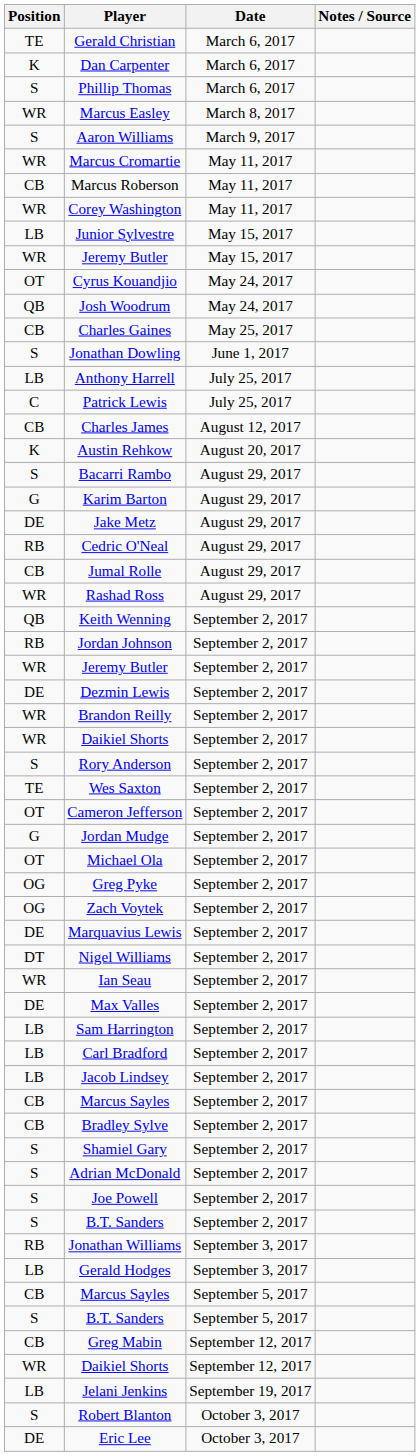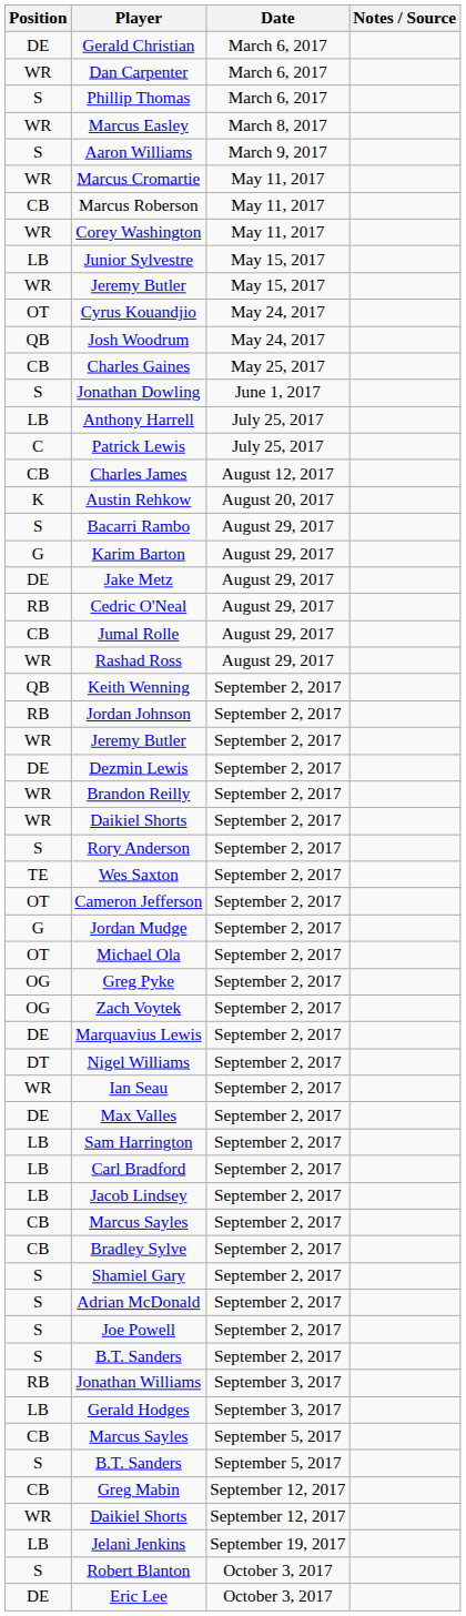 <table class="wikitable" style="text-align: center">
 <tr>
 <th>Position</th>
 <th>Player</th>
 <th>Date</th>
 <th>Notes / Source</th>
 </tr>
 <tr>
-<td>TE</td>
+<td>DE</td>
 <td><a href='#'>Gerald Christian</a></td>
 <td>March 6, 2017</td>
 <td></td>
 </tr>
 <tr>
-<td>K</td>
+<td>WR</td>
 <td><a href='#'>Dan Carpenter</a></td>
 <td>March 6, 2017</td>
 <td></td>
 </tr>
 <tr>
 <td>S</td>
 <td><a href='#'>Phillip Thomas</a></td>
 <td>March 6, 2017</td>
 <td></td>
 </tr>
 <tr>
 <td>WR</td>
 <td><a href='#'>Marcus Easley</a></td>
 <td>March 8, 2017</td>
 <td></td>
 </tr>
 <tr>
 <td>S</td>
 <td><a href='#'>Aaron Williams</a></td>
 <td>March 9, 2017</td>
 <td></td>
 </tr>
 <tr>
 <td>WR</td>
 <td><a href='#'>Marcus Cromartie</a></td>
 <td>May 11, 2017</td>
 <td></td>
 </tr>
 <tr>
 <td>CB</td>
 <td>Marcus Roberson</td>
 <td>May 11, 2017</td>
 <td></td>
 </tr>
 <tr>
 <td>WR</td>
 <td><a href='#'>Corey Washington</a></td>
 <td>May 11, 2017</td>
 <td></td>
 </tr>
 <tr>
 <td>LB</td>
 <td><a href='#'>Junior Sylvestre</a></td>
 <td>May 15, 2017</td>
 <td></td>
 </tr>
 <tr>
 <td>WR</td>
 <td><a href='#'>Jeremy Butler</a></td>
 <td>May 15, 2017</td>
 <td></td>
 </tr>
 <tr>
 <td>OT</td>
 <td><a href='#'>Cyrus Kouandjio</a></td>
 <td>May 24, 2017</td>
 <td></td>
 </tr>
 <tr>
 <td>QB</td>
 <td><a href='#'>Josh Woodrum</a></td>
 <td>May 24, 2017</td>
 <td></td>
 </tr>
 <tr>
 <td>CB</td>
 <td><a href='#'>Charles Gaines</a></td>
 <td>May 25, 2017</td>
 <td></td>
 </tr>
 <tr>
 <td>S</td>
 <td><a href='#'>Jonathan Dowling</a></td>
 <td>June 1, 2017</td>
 <td></td>
 </tr>
 <tr>
 <td>LB</td>
 <td><a href='#'>Anthony Harrell</a></td>
 <td>July 25, 2017</td>
 <td></td>
 </tr>
 <tr>
 <td>C</td>
 <td><a href='#'>Patrick Lewis</a></td>
 <td>July 25, 2017</td>
 <td></td>
 </tr>
 <tr>
 <td>CB</td>
 <td><a href='#'>Charles James</a></td>
 <td>August 12, 2017</td>
 <td></td>
 </tr>
 <tr>
 <td>K</td>
 <td><a href='#'>Austin Rehkow</a></td>
 <td>August 20, 2017</td>
 <td></td>
 </tr>
 <tr>
 <td>S</td>
 <td><a href='#'>Bacarri Rambo</a></td>
 <td>August 29, 2017</td>
 <td></td>
 </tr>
 <tr>
 <td>G</td>
 <td><a href='#'>Karim Barton</a></td>
 <td>August 29, 2017</td>
 <td></td>
 </tr>
 <tr>
 <td>DE</td>
 <td><a href='#'>Jake Metz</a></td>
 <td>August 29, 2017</td>
 <td></td>
 </tr>
 <tr>
 <td>RB</td>
 <td><a href='#'>Cedric O'Neal</a></td>
 <td>August 29, 2017</td>
 <td></td>
 </tr>
 <tr>
 <td>CB</td>
 <td><a href='#'>Jumal Rolle</a></td>
 <td>August 29, 2017</td>
 <td></td>
 </tr>
 <tr>
 <td>WR</td>
 <td><a href='#'>Rashad Ross</a></td>
 <td>August 29, 2017</td>
 <td></td>
 </tr>
 <tr>
 <td>QB</td>
 <td><a href='#'>Keith Wenning</a></td>
 <td>September 2, 2017</td>
 <td></td>
 </tr>
 <tr>
 <td>RB</td>
 <td><a href='#'>Jordan Johnson</a></td>
 <td>September 2, 2017</td>
 <td></td>
 </tr>
 <tr>
 <td>WR</td>
 <td><a href='#'>Jeremy Butler</a></td>
 <td>September 2, 2017</td>
 <td></td>
 </tr>
 <tr>
 <td>DE</td>
 <td><a href='#'>Dezmin Lewis</a></td>
 <td>September 2, 2017</td>
 <td></td>
 </tr>
 <tr>
 <td>WR</td>
 <td><a href='#'>Brandon Reilly</a></td>
 <td>September 2, 2017</td>
 <td></td>
 </tr>
 <tr>
 <td>WR</td>
 <td><a href='#'>Daikiel Shorts</a></td>
 <td>September 2, 2017</td>
 <td></td>
 </tr>
 <tr>
 <td>S</td>
 <td><a href='#'>Rory Anderson</a></td>
 <td>September 2, 2017</td>
 <td></td>
 </tr>
 <tr>
 <td>TE</td>
 <td><a href='#'>Wes Saxton</a></td>
 <td>September 2, 2017</td>
 <td></td>
 </tr>
 <tr>
 <td>OT</td>
 <td><a href='#'>Cameron Jefferson</a></td>
 <td>September 2, 2017</td>
 <td></td>
 </tr>
 <tr>
 <td>G</td>
 <td><a href='#'>Jordan Mudge</a></td>
 <td>September 2, 2017</td>
 <td></td>
 </tr>
 <tr>
 <td>OT</td>
 <td><a href='#'>Michael Ola</a></td>
 <td>September 2, 2017</td>
 <td></td>
 </tr>
 <tr>
 <td>OG</td>
 <td><a href='#'>Greg Pyke</a></td>
 <td>September 2, 2017</td>
 <td></td>
 </tr>
 <tr>
 <td>OG</td>
 <td><a href='#'>Zach Voytek</a></td>
 <td>September 2, 2017</td>
 <td></td>
 </tr>
 <tr>
 <td>DE</td>
 <td><a href='#'>Marquavius Lewis</a></td>
 <td>September 2, 2017</td>
 <td></td>
 </tr>
 <tr>
 <td>DT</td>
 <td><a href='#'>Nigel Williams</a></td>
 <td>September 2, 2017</td>
 <td></td>
 </tr>
 <tr>
 <td>WR</td>
 <td><a href='#'>Ian Seau</a></td>
 <td>September 2, 2017</td>
 <td></td>
 </tr>
 <tr>
 <td>DE</td>
 <td><a href='#'>Max Valles</a></td>
 <td>September 2, 2017</td>
 <td></td>
 </tr>
 <tr>
 <td>LB</td>
 <td><a href='#'>Sam Harrington</a></td>
 <td>September 2, 2017</td>
 <td></td>
 </tr>
 <tr>
 <td>LB</td>
 <td><a href='#'>Carl Bradford</a></td>
 <td>September 2, 2017</td>
 <td></td>
 </tr>
 <tr>
 <td>LB</td>
 <td><a href='#'>Jacob Lindsey</a></td>
 <td>September 2, 2017</td>
 <td></td>
 </tr>
 <tr>
 <td>CB</td>
 <td><a href='#'>Marcus Sayles</a></td>
 <td>September 2, 2017</td>
 <td></td>
 </tr>
 <tr>
 <td>CB</td>
 <td><a href='#'>Bradley Sylve</a></td>
 <td>September 2, 2017</td>
 <td></td>
 </tr>
 <tr>
 <td>S</td>
 <td><a href='#'>Shamiel Gary</a></td>
 <td>September 2, 2017</td>
 <td></td>
 </tr>
 <tr>
 <td>S</td>
 <td><a href='#'>Adrian McDonald</a></td>
 <td>September 2, 2017</td>
 <td></td>
 </tr>
 <tr>
 <td>S</td>
 <td><a href='#'>Joe Powell</a></td>
 <td>September 2, 2017</td>
 <td></td>
 </tr>
 <tr>
 <td>S</td>
 <td><a href='#'>B.T. Sanders</a></td>
 <td>September 2, 2017</td>
 <td></td>
 </tr>
 <tr>
 <td>RB</td>
 <td><a href='#'>Jonathan Williams</a></td>
 <td>September 3, 2017</td>
 <td></td>
 </tr>
 <tr>
 <td>LB</td>
 <td><a href='#'>Gerald Hodges</a></td>
 <td>September 3, 2017</td>
 <td></td>
 </tr>
 <tr>
 <td>CB</td>
 <td><a href='#'>Marcus Sayles</a></td>
 <td>September 5, 2017</td>
 <td></td>
 </tr>
 <tr>
 <td>S</td>
 <td><a href='#'>B.T. Sanders</a></td>
 <td>September 5, 2017</td>
 <td></td>
 </tr>
 <tr>
 <td>CB</td>
 <td><a href='#'>Greg Mabin</a></td>
 <td>September 12, 2017</td>
 <td></td>
 </tr>
 <tr>
 <td>WR</td>
 <td><a href='#'>Daikiel Shorts</a></td>
 <td>September 12, 2017</td>
 <td></td>
 </tr>
 <tr>
 <td>LB</td>
 <td><a href='#'>Jelani Jenkins</a></td>
 <td>September 19, 2017</td>
 <td></td>
 </tr>
 <tr>
 <td>S</td>
 <td><a href='#'>Robert Blanton</a></td>
 <td>October 3, 2017</td>
 <td></td>
 </tr>
 <tr>
 <td>DE</td>
 <td><a href='#'>Eric Lee</a></td>
 <td>October 3, 2017</td>
 <td></td>
 </tr>
 </table>
